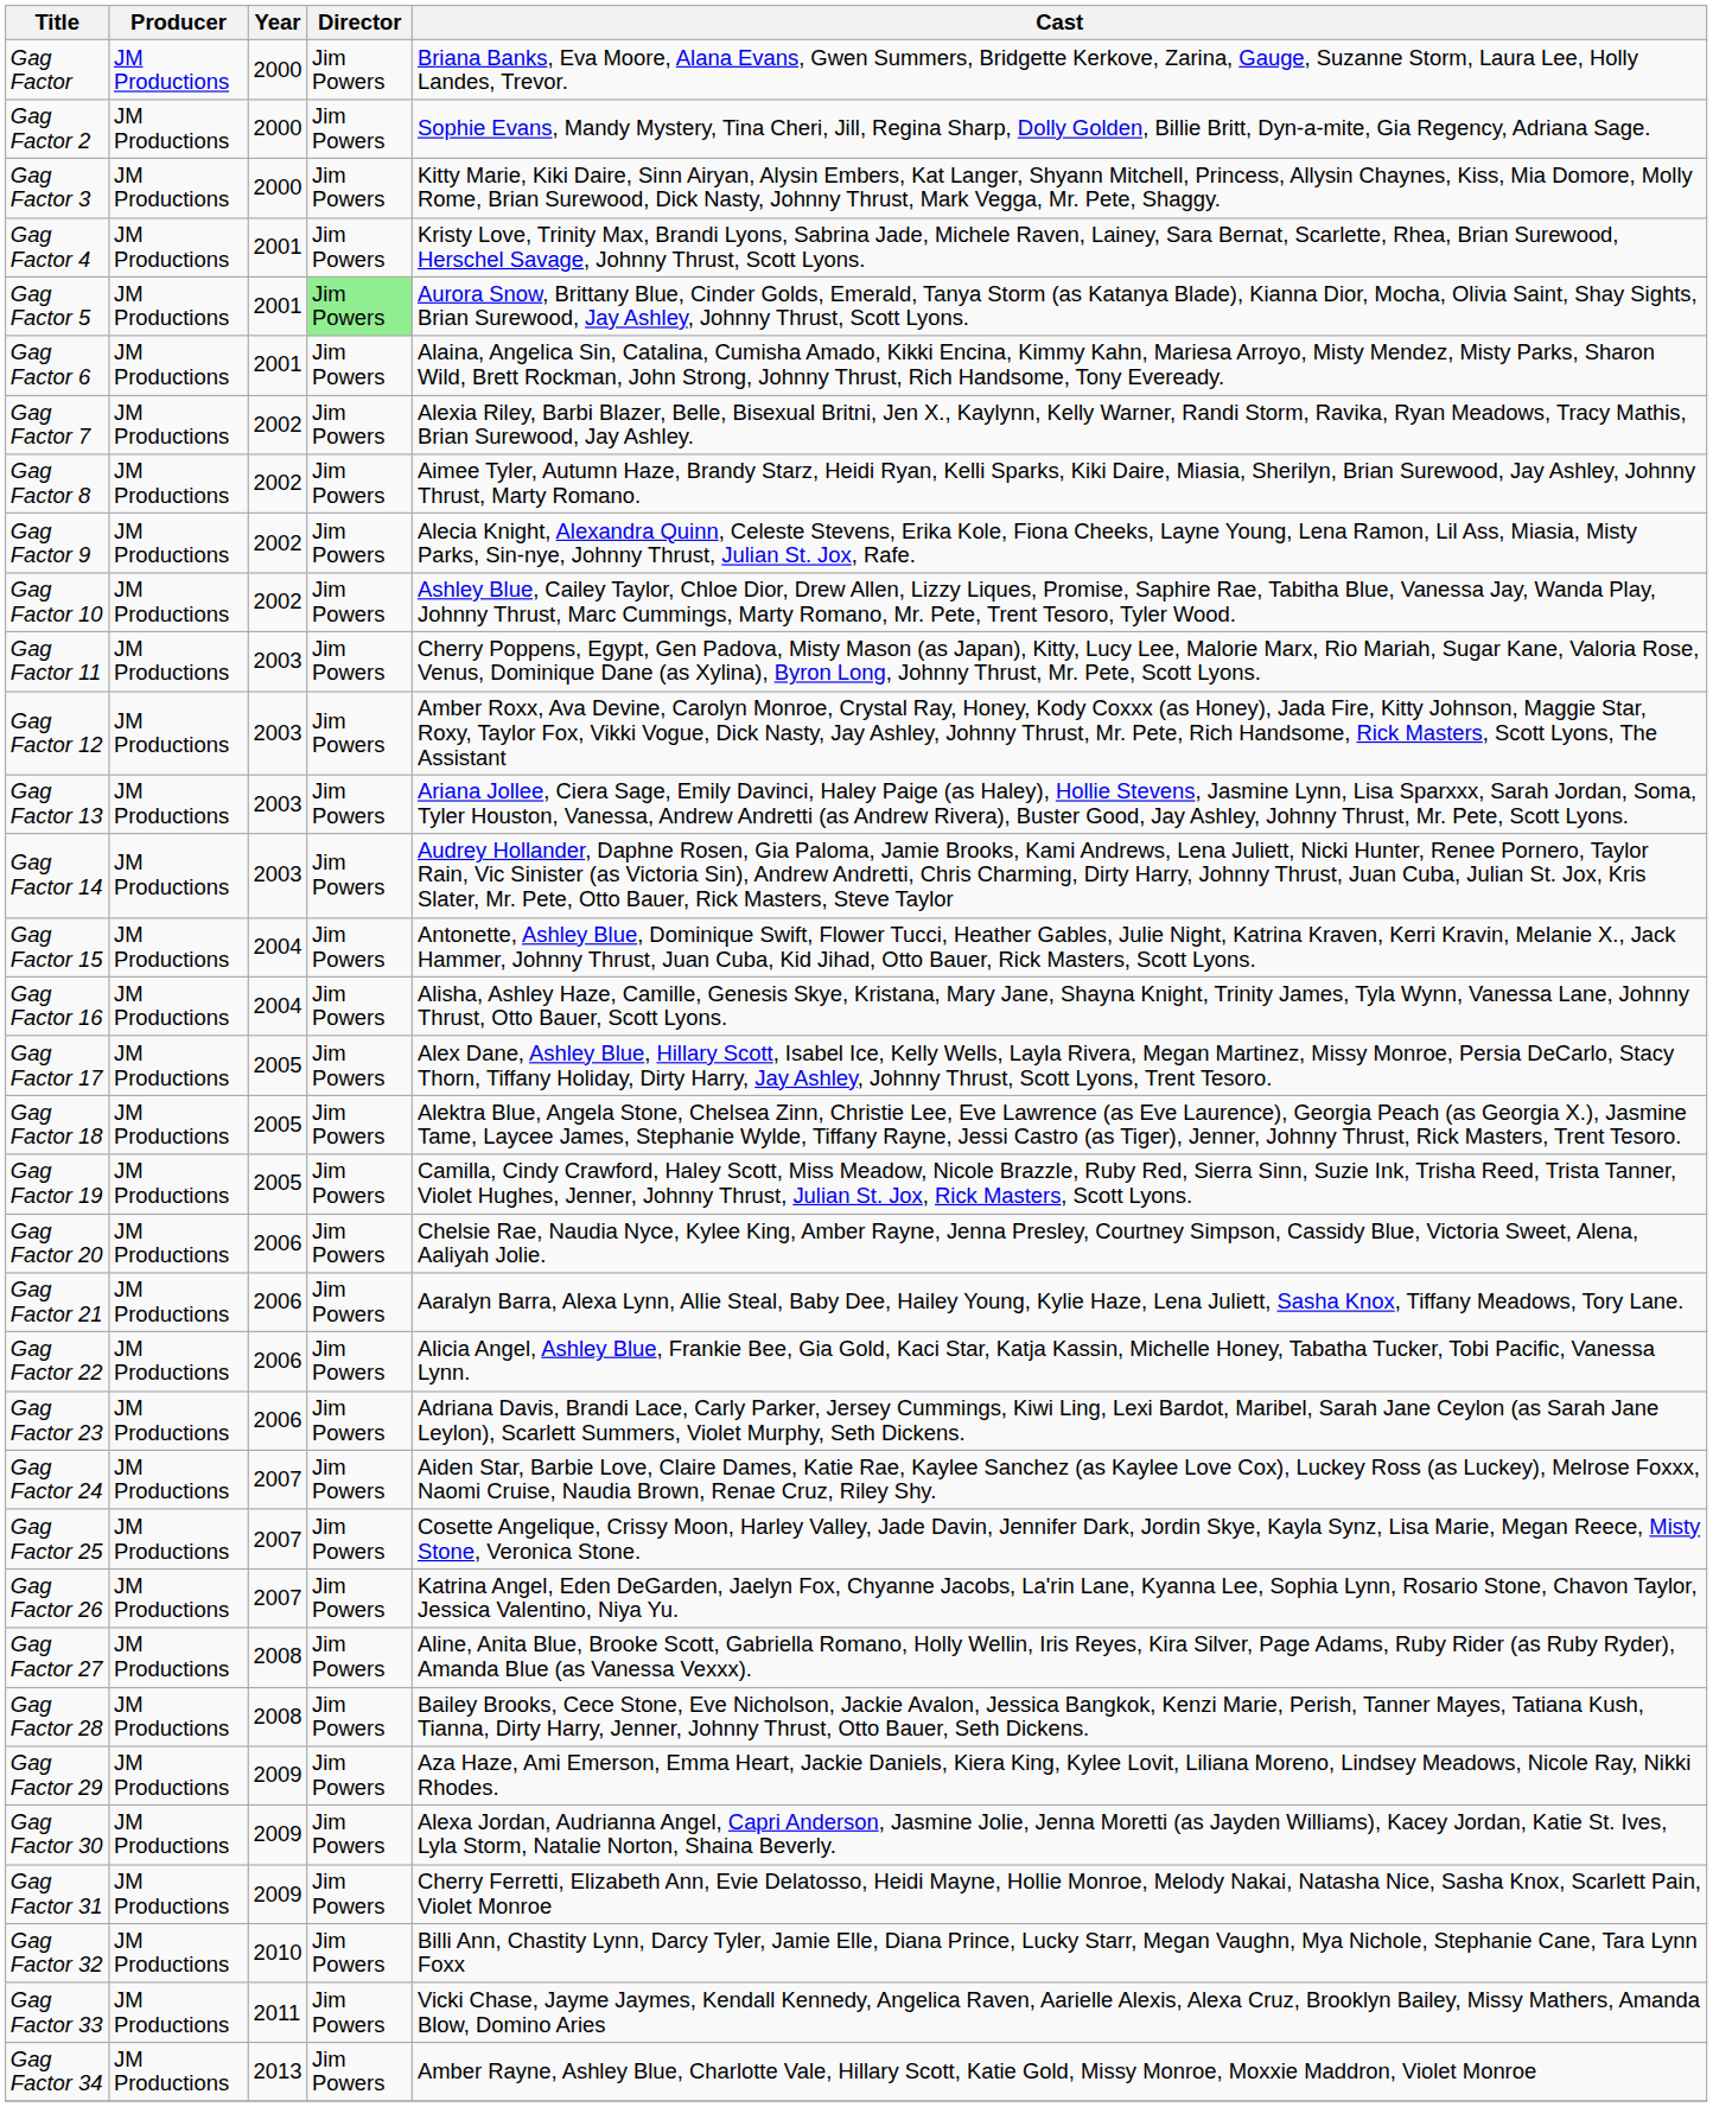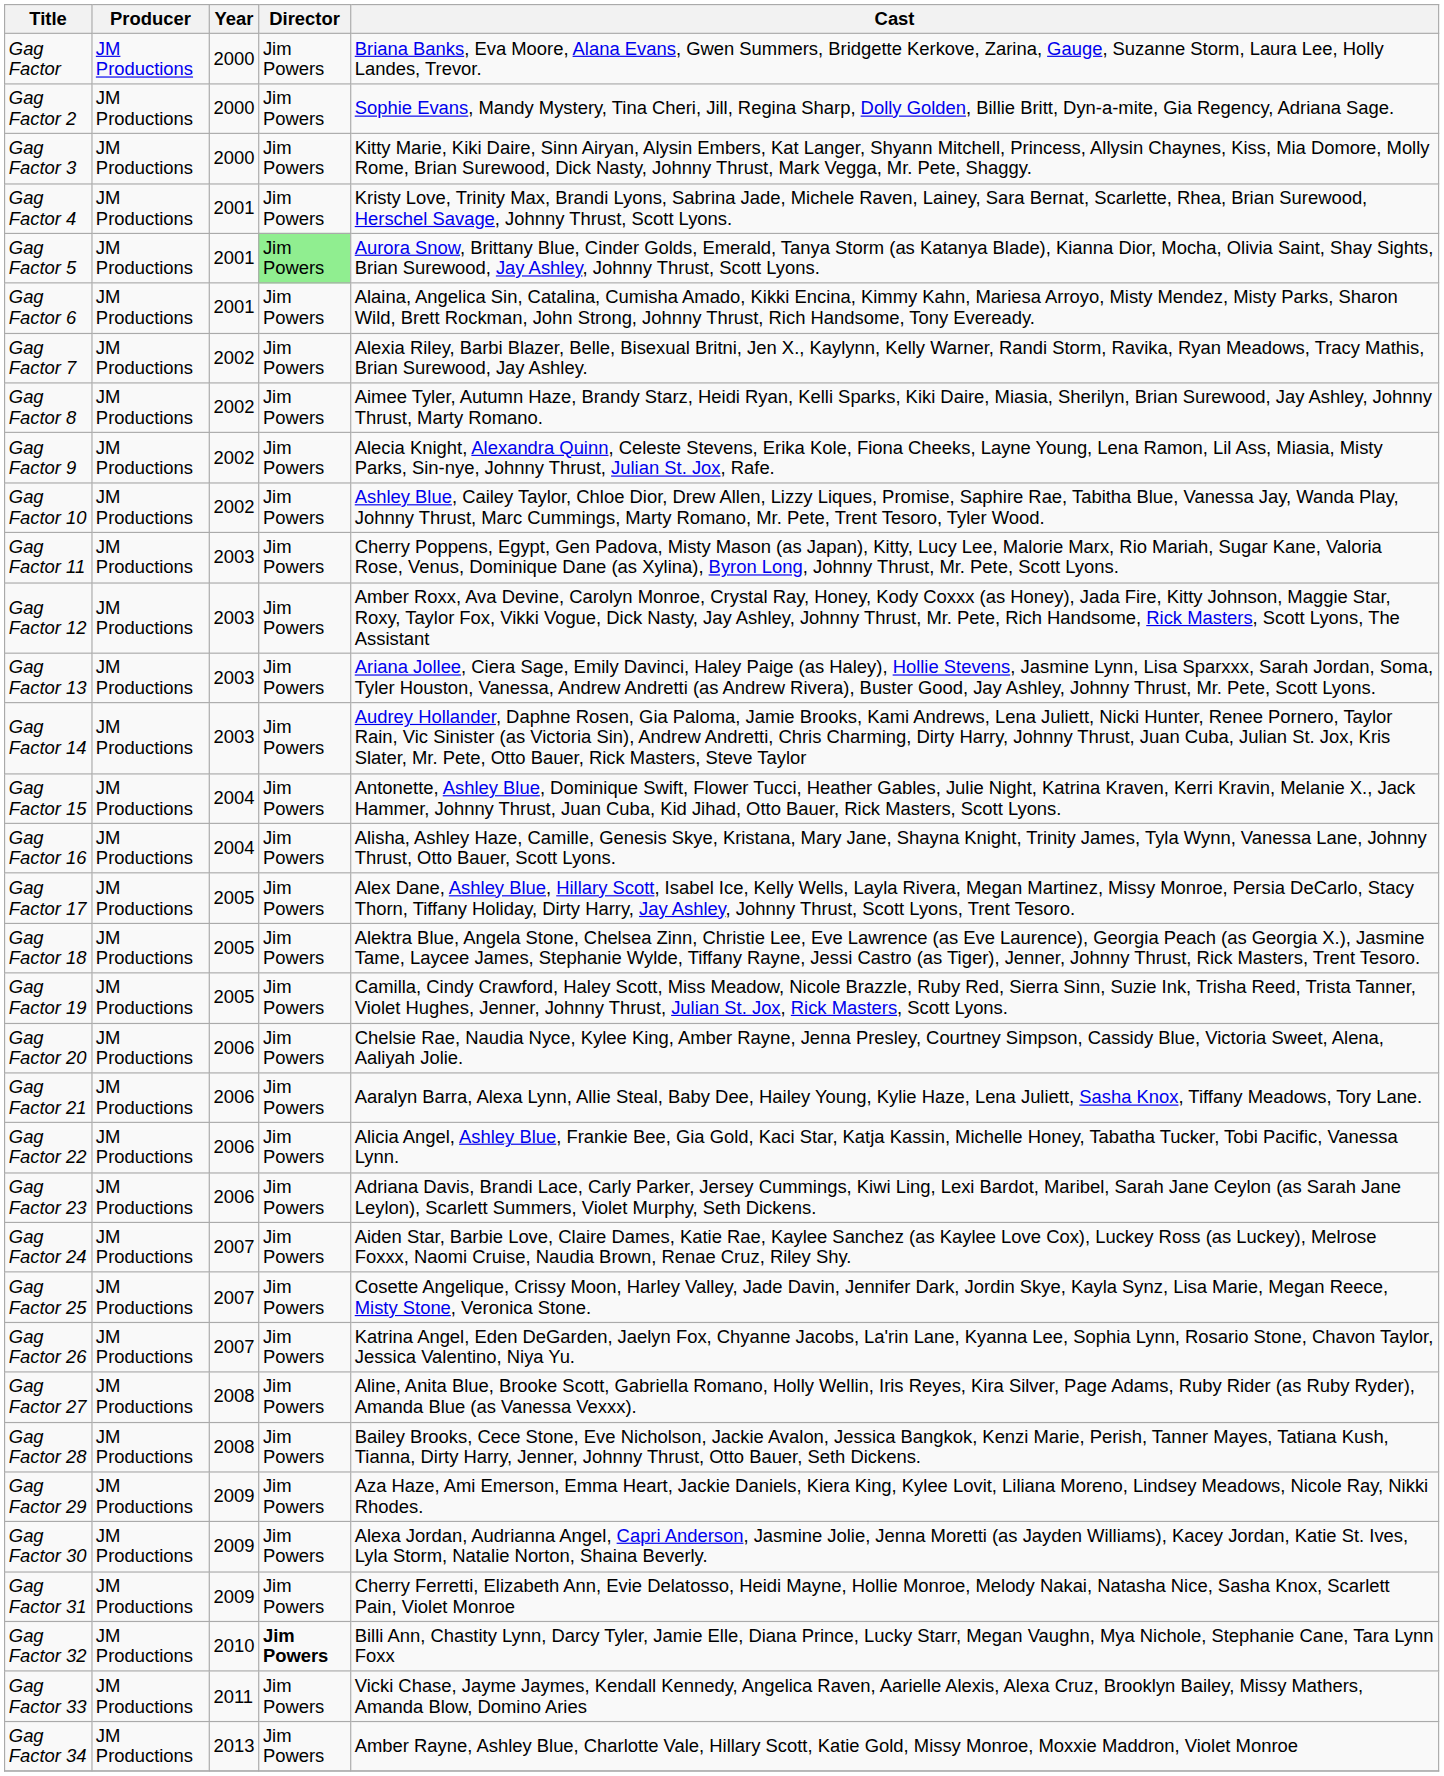 <table class="wikitable">
 <tr>
 <th>Title</th>
 <th>Producer</th>
 <th>Year</th>
 <th>Director</th>
 <th>Cast</th>
 </tr>
 <tr>
 <td><em>Gag Factor</em></td>
 <td><a href='#'>JM Productions</a></td>
 <td>2000</td>
 <td>Jim Powers</td>
 <td><a href='#'>Briana Banks</a>, Eva Moore, <a href='#'>Alana Evans</a>, Gwen Summers, Bridgette Kerkove, Zarina, <a href='#'>Gauge</a>, Suzanne Storm, Laura Lee, Holly Landes, Trevor.</td>
 </tr>
 <tr>
 <td><em>Gag Factor 2</em></td>
 <td>JM Productions</td>
 <td>2000</td>
 <td>Jim Powers</td>
 <td><a href='#'>Sophie Evans</a>, Mandy Mystery, Tina Cheri, Jill, Regina Sharp, <a href='#'>Dolly Golden</a>, Billie Britt, Dyn-a-mite, Gia Regency, Adriana Sage.</td>
 </tr>
 <tr>
 <td><em>Gag Factor 3</em></td>
 <td>JM Productions</td>
 <td>2000</td>
 <td>Jim Powers</td>
 <td>Kitty Marie, Kiki Daire, Sinn Airyan, Alysin Embers, Kat Langer, Shyann Mitchell, Princess, Allysin Chaynes, Kiss, Mia Domore, Molly Rome, Brian Surewood, Dick Nasty, Johnny Thrust, Mark Vegga, Mr. Pete, Shaggy.</td>
 </tr>
 <tr>
 <td><em>Gag Factor 4</em></td>
 <td>JM Productions</td>
 <td>2001</td>
 <td>Jim Powers</td>
 <td>Kristy Love, Trinity Max, Brandi Lyons, Sabrina Jade, Michele Raven, Lainey, Sara Bernat, Scarlette, Rhea, Brian Surewood, <a href='#'>Herschel Savage</a>, Johnny Thrust, Scott Lyons.</td>
 </tr>
 <tr>
 <td><em>Gag Factor 5</em></td>
 <td>JM Productions</td>
 <td>2001</td>
 <td style="background: lightgreen;">Jim Powers</td>
 <td><a href='#'>Aurora Snow</a>, Brittany Blue, Cinder Golds, Emerald, Tanya Storm (as Katanya Blade), Kianna Dior, Mocha, Olivia Saint, Shay Sights, Brian Surewood, <a href='#'>Jay Ashley</a>, Johnny Thrust, Scott Lyons.</td>
 </tr>
 <tr>
 <td><em>Gag Factor 6</em></td>
 <td>JM Productions</td>
 <td>2001</td>
 <td>Jim Powers</td>
 <td>Alaina, Angelica Sin, Catalina, Cumisha Amado, Kikki Encina, Kimmy Kahn, Mariesa Arroyo, Misty Mendez, Misty Parks, Sharon Wild, Brett Rockman, John Strong, Johnny Thrust, Rich Handsome, Tony Eveready.</td>
 </tr>
 <tr>
 <td><em>Gag Factor 7</em></td>
 <td>JM Productions</td>
 <td>2002</td>
 <td>Jim Powers</td>
 <td>Alexia Riley, Barbi Blazer, Belle, Bisexual Britni, Jen X., Kaylynn, Kelly Warner, Randi Storm, Ravika, Ryan Meadows, Tracy Mathis, Brian Surewood, Jay Ashley.</td>
 </tr>
 <tr>
 <td><em>Gag Factor 8</em></td>
 <td>JM Productions</td>
 <td>2002</td>
 <td>Jim Powers</td>
 <td>Aimee Tyler, Autumn Haze, Brandy Starz, Heidi Ryan, Kelli Sparks, Kiki Daire, Miasia, Sherilyn, Brian Surewood, Jay Ashley, Johnny Thrust, Marty Romano.</td>
 </tr>
 <tr>
 <td><em>Gag Factor 9</em></td>
 <td>JM Productions</td>
 <td>2002</td>
 <td>Jim Powers</td>
 <td>Alecia Knight, <a href='#'>Alexandra Quinn</a>, Celeste Stevens, Erika Kole, Fiona Cheeks, Layne Young, Lena Ramon, Lil Ass, Miasia, Misty Parks, Sin-nye, Johnny Thrust, <a href='#'>Julian St. Jox</a>, Rafe.</td>
 </tr>
 <tr>
 <td><em>Gag Factor 10</em></td>
 <td>JM Productions</td>
 <td>2002</td>
 <td>Jim Powers</td>
 <td><a href='#'>Ashley Blue</a>, Cailey Taylor, Chloe Dior, Drew Allen, Lizzy Liques, Promise, Saphire Rae, Tabitha Blue, Vanessa Jay, Wanda Play, Johnny Thrust, Marc Cummings, Marty Romano, Mr. Pete, Trent Tesoro, Tyler Wood.</td>
 </tr>
 <tr>
 <td><em>Gag Factor 11</em></td>
 <td>JM Productions</td>
 <td>2003</td>
 <td>Jim Powers</td>
 <td>Cherry Poppens, Egypt, Gen Padova, Misty Mason (as Japan), Kitty, Lucy Lee, Malorie Marx, Rio Mariah, Sugar Kane, Valoria Rose, Venus, Dominique Dane (as Xylina), <a href='#'>Byron Long</a>, Johnny Thrust, Mr. Pete, Scott Lyons.</td>
 </tr>
 <tr>
 <td><em>Gag Factor 12</em></td>
 <td>JM Productions</td>
 <td>2003</td>
 <td>Jim Powers</td>
 <td>Amber Roxx, Ava Devine, Carolyn Monroe, Crystal Ray, Honey, Kody Coxxx (as Honey), Jada Fire, Kitty Johnson, Maggie Star, Roxy, Taylor Fox, Vikki Vogue, Dick Nasty, Jay Ashley, Johnny Thrust, Mr. Pete, Rich Handsome, <a href='#'>Rick Masters</a>, Scott Lyons, The Assistant</td>
 </tr>
 <tr>
 <td><em>Gag Factor 13</em></td>
 <td>JM Productions</td>
 <td>2003</td>
 <td>Jim Powers</td>
 <td><a href='#'>Ariana Jollee</a>, Ciera Sage, Emily Davinci, Haley Paige (as Haley), <a href='#'>Hollie Stevens</a>, Jasmine Lynn, Lisa Sparxxx, Sarah Jordan, Soma, Tyler Houston, Vanessa, Andrew Andretti (as Andrew Rivera), Buster Good, Jay Ashley, Johnny Thrust, Mr. Pete, Scott Lyons.</td>
 </tr>
 <tr>
 <td><em>Gag Factor 14</em></td>
 <td>JM Productions</td>
 <td>2003</td>
 <td>Jim Powers</td>
 <td><a href='#'>Audrey Hollander</a>, Daphne Rosen, Gia Paloma, Jamie Brooks, Kami Andrews, Lena Juliett, Nicki Hunter, Renee Pornero, Taylor Rain, Vic Sinister (as Victoria Sin), Andrew Andretti, Chris Charming, Dirty Harry, Johnny Thrust, Juan Cuba, Julian St. Jox, Kris Slater, Mr. Pete, Otto Bauer, Rick Masters, Steve Taylor</td>
 </tr>
 <tr>
 <td><em>Gag Factor 15</em></td>
 <td>JM Productions</td>
 <td>2004</td>
 <td>Jim Powers</td>
 <td>Antonette, <a href='#'>Ashley Blue</a>, Dominique Swift, Flower Tucci, Heather Gables, Julie Night, Katrina Kraven, Kerri Kravin, Melanie X., Jack Hammer, Johnny Thrust, Juan Cuba, Kid Jihad, Otto Bauer, Rick Masters, Scott Lyons.</td>
 </tr>
 <tr>
 <td><em>Gag Factor 16</em></td>
 <td>JM Productions</td>
 <td>2004</td>
 <td>Jim Powers</td>
 <td>Alisha, Ashley Haze, Camille, Genesis Skye, Kristana, Mary Jane, Shayna Knight, Trinity James, Tyla Wynn, Vanessa Lane, Johnny Thrust, Otto Bauer, Scott Lyons.</td>
 </tr>
 <tr>
 <td><em>Gag Factor 17</em></td>
 <td>JM Productions</td>
 <td>2005</td>
 <td>Jim Powers</td>
 <td>Alex Dane, <a href='#'>Ashley Blue</a>, <a href='#'>Hillary Scott</a>, Isabel Ice, Kelly Wells, Layla Rivera, Megan Martinez, Missy Monroe, Persia DeCarlo, Stacy Thorn, Tiffany Holiday, Dirty Harry, <a href='#'>Jay Ashley</a>, Johnny Thrust, Scott Lyons, Trent Tesoro.</td>
 </tr>
 <tr>
 <td><em>Gag Factor 18</em></td>
 <td>JM Productions</td>
 <td>2005</td>
 <td>Jim Powers</td>
 <td>Alektra Blue, Angela Stone, Chelsea Zinn, Christie Lee, Eve Lawrence (as Eve Laurence), Georgia Peach (as Georgia X.), Jasmine Tame, Laycee James, Stephanie Wylde, Tiffany Rayne, Jessi Castro (as Tiger), Jenner, Johnny Thrust, Rick Masters, Trent Tesoro.</td>
 </tr>
 <tr>
 <td><em>Gag Factor 19</em></td>
 <td>JM Productions</td>
 <td>2005</td>
 <td>Jim Powers</td>
 <td>Camilla, Cindy Crawford, Haley Scott, Miss Meadow, Nicole Brazzle, Ruby Red, Sierra Sinn, Suzie Ink, Trisha Reed, Trista Tanner, Violet Hughes, Jenner, Johnny Thrust, <a href='#'>Julian St. Jox</a>, <a href='#'>Rick Masters</a>, Scott Lyons.</td>
 </tr>
 <tr>
 <td><em>Gag Factor 20</em></td>
 <td>JM Productions</td>
 <td>2006</td>
 <td>Jim Powers</td>
 <td>Chelsie Rae, Naudia Nyce, Kylee King, Amber Rayne, Jenna Presley, Courtney Simpson, Cassidy Blue, Victoria Sweet, Alena, Aaliyah Jolie.</td>
 </tr>
 <tr>
 <td><em>Gag Factor 21</em></td>
 <td>JM Productions</td>
 <td>2006</td>
 <td>Jim Powers</td>
 <td>Aaralyn Barra, Alexa Lynn, Allie Steal, Baby Dee, Hailey Young, Kylie Haze, Lena Juliett, <a href='#'>Sasha Knox</a>, Tiffany Meadows, Tory Lane.</td>
 </tr>
 <tr>
 <td><em>Gag Factor 22</em></td>
 <td>JM Productions</td>
 <td>2006</td>
 <td>Jim Powers</td>
 <td>Alicia Angel, <a href='#'>Ashley Blue</a>, Frankie Bee, Gia Gold, Kaci Star, Katja Kassin, Michelle Honey, Tabatha Tucker, Tobi Pacific, Vanessa Lynn.</td>
 </tr>
 <tr>
 <td><em>Gag Factor 23</em></td>
 <td>JM Productions</td>
 <td>2006</td>
 <td>Jim Powers</td>
 <td>Adriana Davis, Brandi Lace, Carly Parker, Jersey Cummings, Kiwi Ling, Lexi Bardot, Maribel, Sarah Jane Ceylon (as Sarah Jane Leylon), Scarlett Summers, Violet Murphy, Seth Dickens.</td>
 </tr>
 <tr>
 <td><em>Gag Factor 24</em></td>
 <td>JM Productions</td>
 <td>2007</td>
 <td>Jim Powers</td>
 <td>Aiden Star, Barbie Love, Claire Dames, Katie Rae, Kaylee Sanchez (as Kaylee Love Cox), Luckey Ross (as Luckey), Melrose Foxxx, Naomi Cruise, Naudia Brown, Renae Cruz, Riley Shy.</td>
 </tr>
 <tr>
 <td><em>Gag Factor 25</em></td>
 <td>JM Productions</td>
 <td>2007</td>
 <td>Jim Powers</td>
 <td>Cosette Angelique, Crissy Moon, Harley Valley, Jade Davin, Jennifer Dark, Jordin Skye, Kayla Synz, Lisa Marie, Megan Reece, <a href='#'>Misty Stone</a>, Veronica Stone.</td>
 </tr>
 <tr>
 <td><em>Gag Factor 26</em></td>
 <td>JM Productions</td>
 <td>2007</td>
 <td>Jim Powers</td>
 <td>Katrina Angel, Eden DeGarden, Jaelyn Fox, Chyanne Jacobs, La'rin Lane, Kyanna Lee, Sophia Lynn, Rosario Stone, Chavon Taylor, Jessica Valentino, Niya Yu.</td>
 </tr>
 <tr>
 <td><em>Gag Factor 27</em></td>
 <td>JM Productions</td>
 <td>2008</td>
 <td>Jim Powers</td>
 <td>Aline, Anita Blue, Brooke Scott, Gabriella Romano, Holly Wellin, Iris Reyes, Kira Silver, Page Adams, Ruby Rider (as Ruby Ryder), Amanda Blue (as Vanessa Vexxx).</td>
 </tr>
 <tr>
 <td><em>Gag Factor 28</em></td>
 <td>JM Productions</td>
 <td>2008</td>
 <td>Jim Powers</td>
 <td>Bailey Brooks, Cece Stone, Eve Nicholson, Jackie Avalon, Jessica Bangkok, Kenzi Marie, Perish, Tanner Mayes, Tatiana Kush, Tianna, Dirty Harry, Jenner, Johnny Thrust, Otto Bauer, Seth Dickens.</td>
 </tr>
 <tr>
 <td><em>Gag Factor 29</em></td>
 <td>JM Productions</td>
 <td>2009</td>
 <td>Jim Powers</td>
 <td>Aza Haze, Ami Emerson, Emma Heart, Jackie Daniels, Kiera King, Kylee Lovit, Liliana Moreno, Lindsey Meadows, Nicole Ray, Nikki Rhodes.</td>
 </tr>
 <tr>
 <td><em>Gag Factor 30</em></td>
 <td>JM Productions</td>
 <td>2009</td>
 <td>Jim Powers</td>
 <td>Alexa Jordan, Audrianna Angel, <a href='#'>Capri Anderson</a>, Jasmine Jolie, Jenna Moretti (as Jayden Williams), Kacey Jordan, Katie St. Ives, Lyla Storm, Natalie Norton, Shaina Beverly.</td>
 </tr>
 <tr>
 <td><em>Gag Factor 31</em></td>
 <td>JM Productions</td>
 <td>2009</td>
 <td>Jim Powers</td>
 <td>Cherry Ferretti, Elizabeth Ann, Evie Delatosso, Heidi Mayne, Hollie Monroe, Melody Nakai, Natasha Nice, Sasha Knox, Scarlett Pain, Violet Monroe</td>
 </tr>
 <tr>
 <td><em>Gag Factor 32</em></td>
 <td>JM Productions</td>
 <td>2010</td>
-<td>Jim Powers</td>
+<td><strong>Jim Powers</strong></td>
 <td>Billi Ann, Chastity Lynn, Darcy Tyler, Jamie Elle, Diana Prince, Lucky Starr, Megan Vaughn, Mya Nichole, Stephanie Cane, Tara Lynn Foxx</td>
 </tr>
 <tr>
 <td><em>Gag Factor 33</em></td>
 <td>JM Productions</td>
 <td>2011</td>
 <td>Jim Powers</td>
 <td>Vicki Chase, Jayme Jaymes, Kendall Kennedy, Angelica Raven, Aarielle Alexis, Alexa Cruz, Brooklyn Bailey, Missy Mathers, Amanda Blow, Domino Aries</td>
 </tr>
 <tr>
 <td><em>Gag Factor 34</em></td>
 <td>JM Productions</td>
 <td>2013</td>
 <td>Jim Powers</td>
 <td>Amber Rayne, Ashley Blue, Charlotte Vale, Hillary Scott, Katie Gold, Missy Monroe, Moxxie Maddron, Violet Monroe</td>
 </tr>
 <tr>
 </tr>
 </table>
